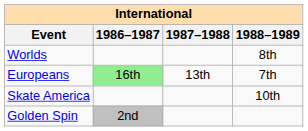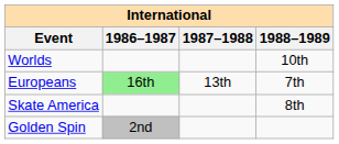 <table class="wikitable" style="text-align:center">
 <tr>
 <th style="background-color: #ffdead; " colspan=9 align=center><strong>International</strong></th>
 </tr>
 <tr>
 <th>Event</th>
 <th>1986–1987</th>
 <th>1987–1988</th>
 <th>1988–1989</th>
 </tr>
 <tr>
 <td align=left><a href='#'>Worlds</a></td>
 <td></td>
 <td></td>
-<td>8th</td>
+<td>10th</td>
 </tr>
 <tr>
 <td align=left><a href='#'>Europeans</a></td>
 <td style="background: lightgreen;">16th</td>
 <td>13th</td>
 <td>7th</td>
 </tr>
 <tr>
 <td align=left><a href='#'>Skate America</a></td>
 <td></td>
 <td></td>
-<td>10th</td>
+<td>8th</td>
 </tr>
 <tr>
 <td align=left><a href='#'>Golden Spin</a></td>
 <td bgcolor=silver>2nd</td>
 <td></td>
 <td></td>
 </tr>
 </table>
